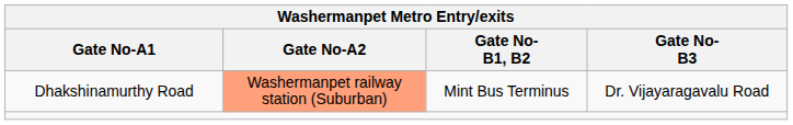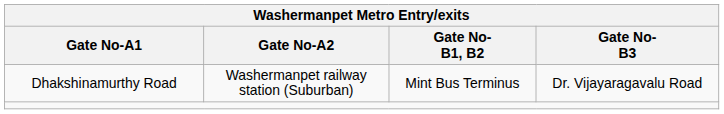 <table class="wikitable" style="text-align: center;" width="65%">
 <tr>
 <th align="center" colspan="5" style="background:#"><span><strong>Washermanpet  Metro Entry/exits </strong></span></th>
 </tr>
 <tr>
 <th style="width:5%;">Gate No-A1</th>
 <th style="width:5%;">Gate No-A2</th>
 <th style="width:5%;">Gate No-<br>B1, B2</th>
 <th style="width:5%;">Gate No-<br>B3</th>
 </tr>
 <tr>
 <td>Dhakshinamurthy Road</td>
-<td style="background: lightsalmon;">Washermanpet railway station (Suburban)</td>
+<td>Washermanpet railway station (Suburban)</td>
 <td>Mint Bus Terminus</td>
 <td>Dr. Vijayaragavalu Road</td>
 </tr>
 <tr>
 <td colspan="4"></td>
 </tr>
 </table>
